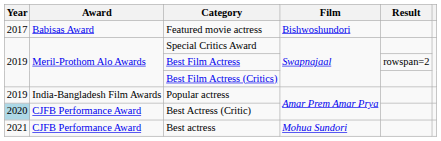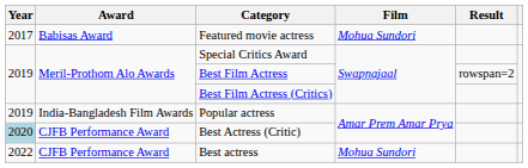 <table class="wikitable">
 <tr>
 <th>Year</th>
 <th>Award</th>
 <th>Category</th>
 <th>Film</th>
 <th>Result</th>
 <th></th>
 </tr>
 <tr>
 <td>2017</td>
 <td><a href='#'>Babisas Award</a></td>
 <td>Featured movie actress</td>
-<td><a href='#'>Bishwoshundori</a></td>
+<td><em><a href='#'>Mohua Sundori</a></em></td>
 <td></td>
 <td></td>
 </tr>
 <tr>
 <td rowspan=3>2019</td>
 <td rowspan=3><a href='#'>Meril-Prothom Alo Awards</a></td>
 <td>Special Critics Award</td>
 <td rowspan=3><em><a href='#'>Swapnajaal</a></em></td>
 <td></td>
 <td rowspan=3></td>
 </tr>
 <tr>
 <td><a href='#'>Best Film Actress</a></td>
 <td>rowspan=2 </td>
 </tr>
 <tr>
 <td><a href='#'>Best Film Actress (Critics)</a></td>
 </tr>
 <tr>
 <td>2019</td>
 <td>India-Bangladesh Film Awards</td>
 <td>Popular actress</td>
 <td rowspan=2><em><a href='#'>Amar Prem Amar Prya</a></em></td>
 <td></td>
 <td></td>
 </tr>
 <tr>
 <td style="background: lightblue;">2020</td>
 <td><a href='#'>CJFB Performance Award</a></td>
 <td>Best Actress (Critic)</td>
 <td></td>
 <td></td>
 </tr>
 <tr>
-<td>2021</td>
+<td>2022</td>
 <td><a href='#'>CJFB Performance Award</a></td>
 <td>Best actress</td>
 <td><em><a href='#'>Mohua Sundori</a></em></td>
 <td></td>
 <td></td>
 </tr>
 </table>
